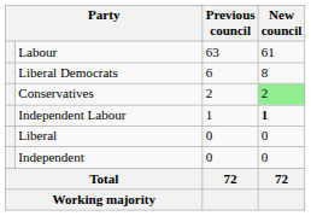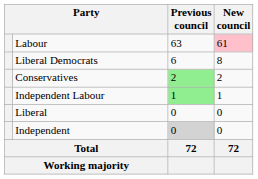 <table class="wikitable">
 <tr>
 <th valign=top colspan="2" style="width: 230px">Party</th>
 <th valign=top style="width: 30px">Previous council</th>
 <th valign=top style="width: 30px">New council</th>
 </tr>
 <tr>
 <th style="background-color: "></th>
 <td>Labour</td>
 <td>63</td>
-<td>61</td>
+<td style="background: pink;">61</td>
 </tr>
 <tr>
 <th style="background-color: "></th>
 <td>Liberal Democrats</td>
 <td>6</td>
 <td>8</td>
 </tr>
 <tr>
 <th style="background-color: "></th>
 <td>Conservatives</td>
+<td style="background: lightgreen;">2</td>
 <td>2</td>
-<td style="background: lightgreen;">2</td>
 </tr>
 <tr>
 <th style="background-color: "></th>
 <td>Independent Labour</td>
+<td style="background: lightgreen;">1</td>
 <td>1</td>
-<td><strong>1</strong></td>
 </tr>
 <tr>
 <th style="background-color: "></th>
 <td>Liberal</td>
 <td>0</td>
 <td>0</td>
 </tr>
 <tr>
 <th style="background-color: "></th>
 <td>Independent</td>
-<td>0</td>
+<td style="background: lightgrey;">0</td>
 <td>0</td>
 </tr>
 <tr>
 <th colspan=2>Total</th>
 <th style="text-align: center">72</th>
 <th colspan=3>72</th>
 </tr>
 <tr>
 <th colspan=2>Working majority</th>
 <th></th>
 <th></th>
 </tr>
 </table>
